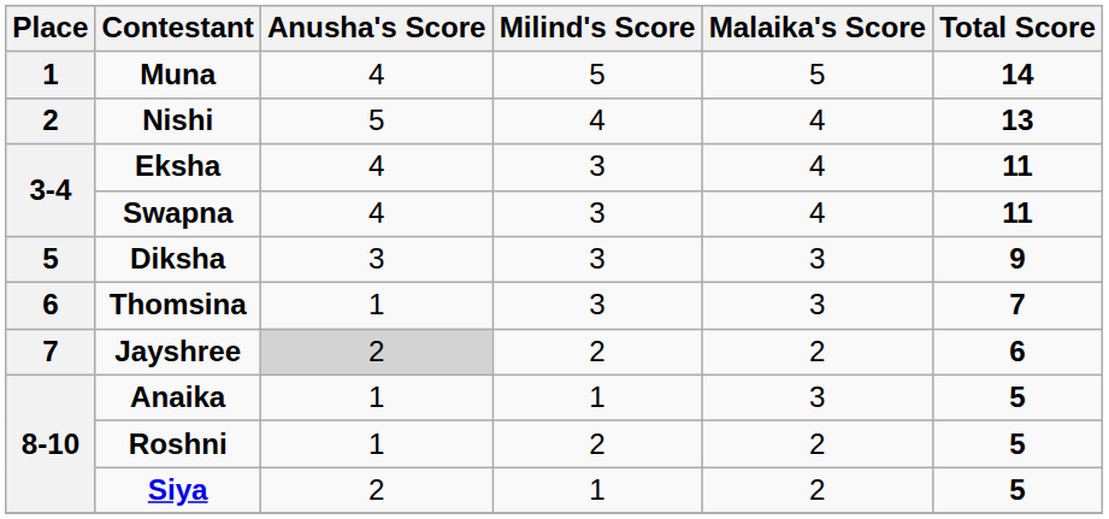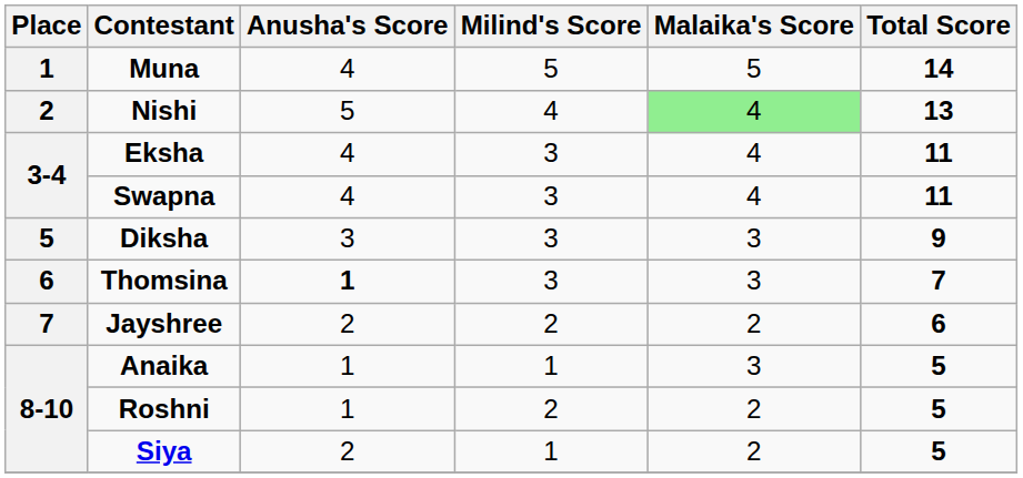 <table class="wikitable" style="text-align:center">
 <tr>
 <th>Place</th>
 <th>Contestant</th>
 <th scope="col">Anusha's Score</th>
 <th>Milind's Score</th>
 <th>Malaika's Score</th>
 <th>Total Score</th>
 </tr>
 <tr>
 <th>1</th>
 <td><strong>Muna</strong></td>
 <td>4</td>
 <td>5</td>
 <td>5</td>
 <td><strong>14</strong></td>
 </tr>
 <tr>
 <th>2</th>
 <td><strong>Nishi</strong></td>
 <td>5</td>
 <td>4</td>
-<td>4</td>
+<td style="background: lightgreen;">4</td>
 <td><strong>13</strong></td>
 </tr>
 <tr>
 <th rowspan="2">3-4</th>
 <td><strong>Eksha</strong></td>
 <td>4</td>
 <td>3</td>
 <td>4</td>
 <td><strong>11</strong></td>
 </tr>
 <tr>
 <td><strong>Swapna </strong></td>
 <td>4</td>
 <td>3</td>
 <td>4</td>
 <td><strong>11</strong></td>
 </tr>
 <tr>
 <th>5</th>
 <td><strong>Diksha</strong></td>
 <td>3</td>
 <td>3</td>
 <td>3</td>
 <td><strong>9</strong></td>
 </tr>
 <tr>
 <th>6</th>
 <td><strong>Thomsina</strong></td>
-<td>1</td>
+<td><strong>1</strong></td>
 <td>3</td>
 <td>3</td>
 <td><strong>7</strong></td>
 </tr>
 <tr>
 <th>7</th>
 <td><strong>Jayshree</strong></td>
-<td style="background: lightgrey;">2</td>
+<td>2</td>
 <td>2</td>
 <td>2</td>
 <td><strong>6</strong></td>
 </tr>
 <tr>
 <th rowspan="3">8-10</th>
 <td><strong>Anaika</strong></td>
 <td>1</td>
 <td>1</td>
 <td>3</td>
 <td><strong>5</strong></td>
 </tr>
 <tr>
 <td><strong>Roshni</strong></td>
 <td>1</td>
 <td>2</td>
 <td>2</td>
 <td><strong>5</strong></td>
 </tr>
 <tr>
 <td><strong><a href='#'>Siya</a></strong></td>
 <td>2</td>
 <td>1</td>
 <td>2</td>
 <td><strong>5</strong></td>
 </tr>
 <tr>
 </tr>
 </table>
